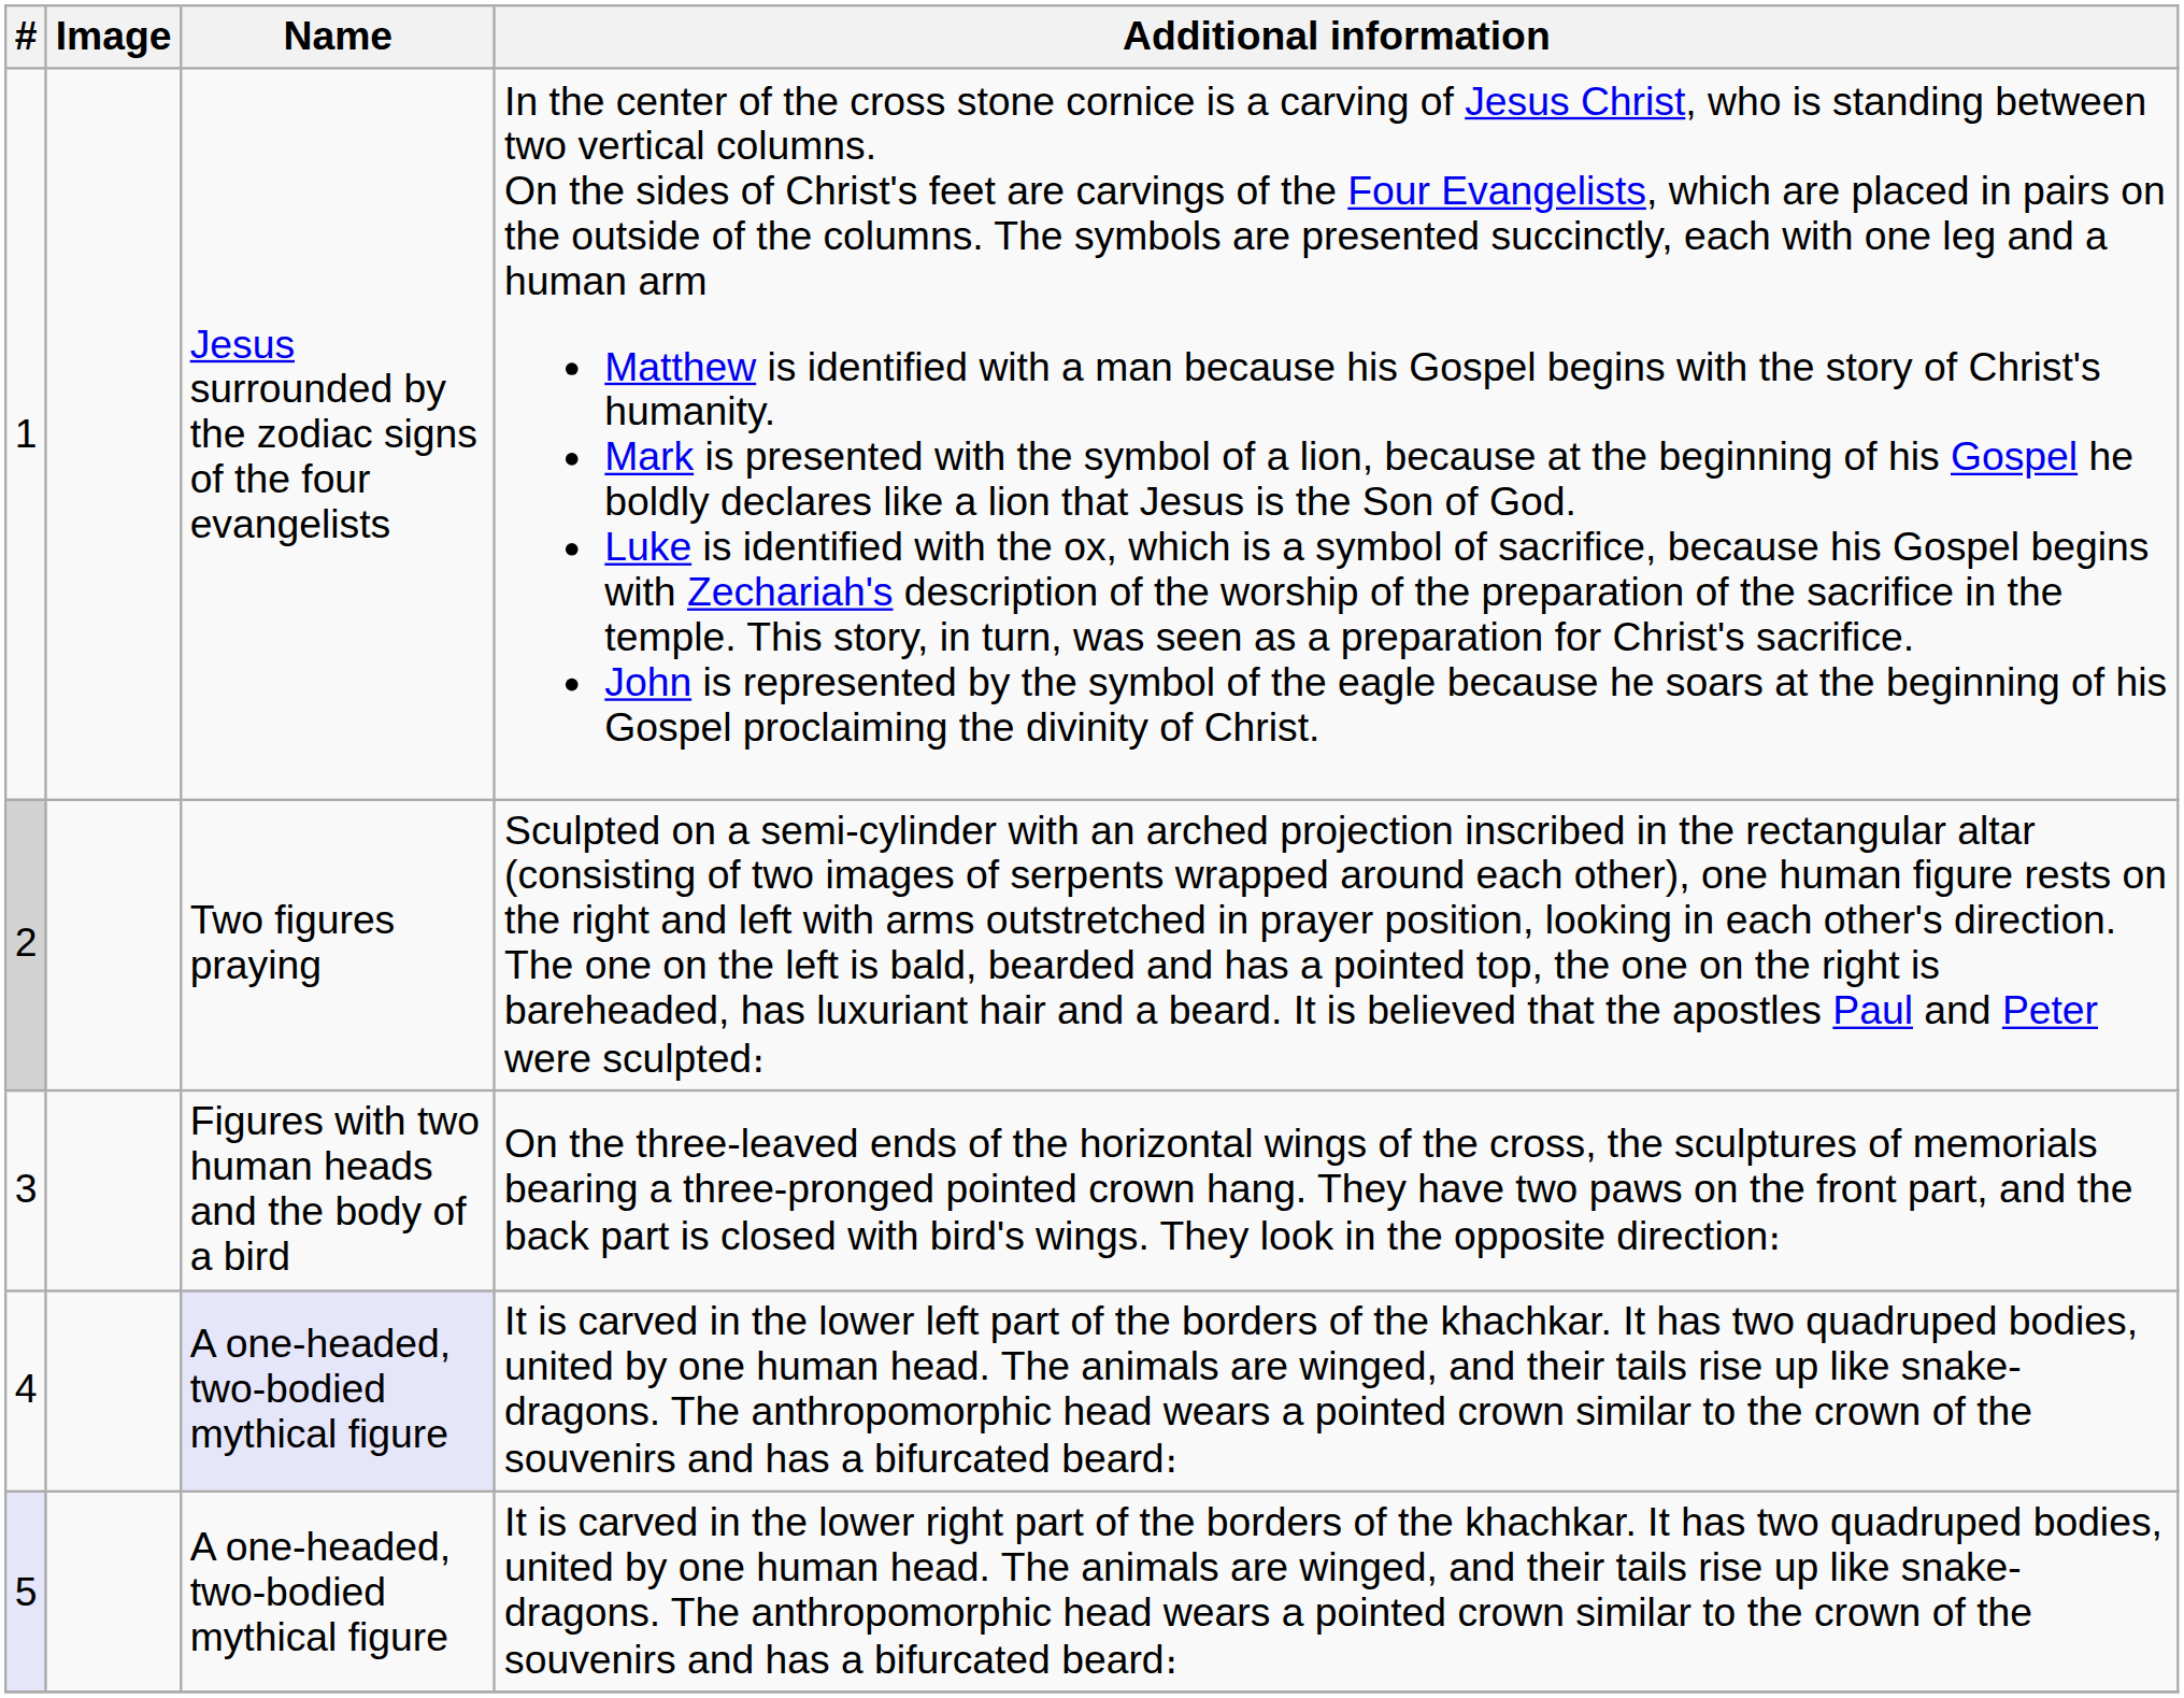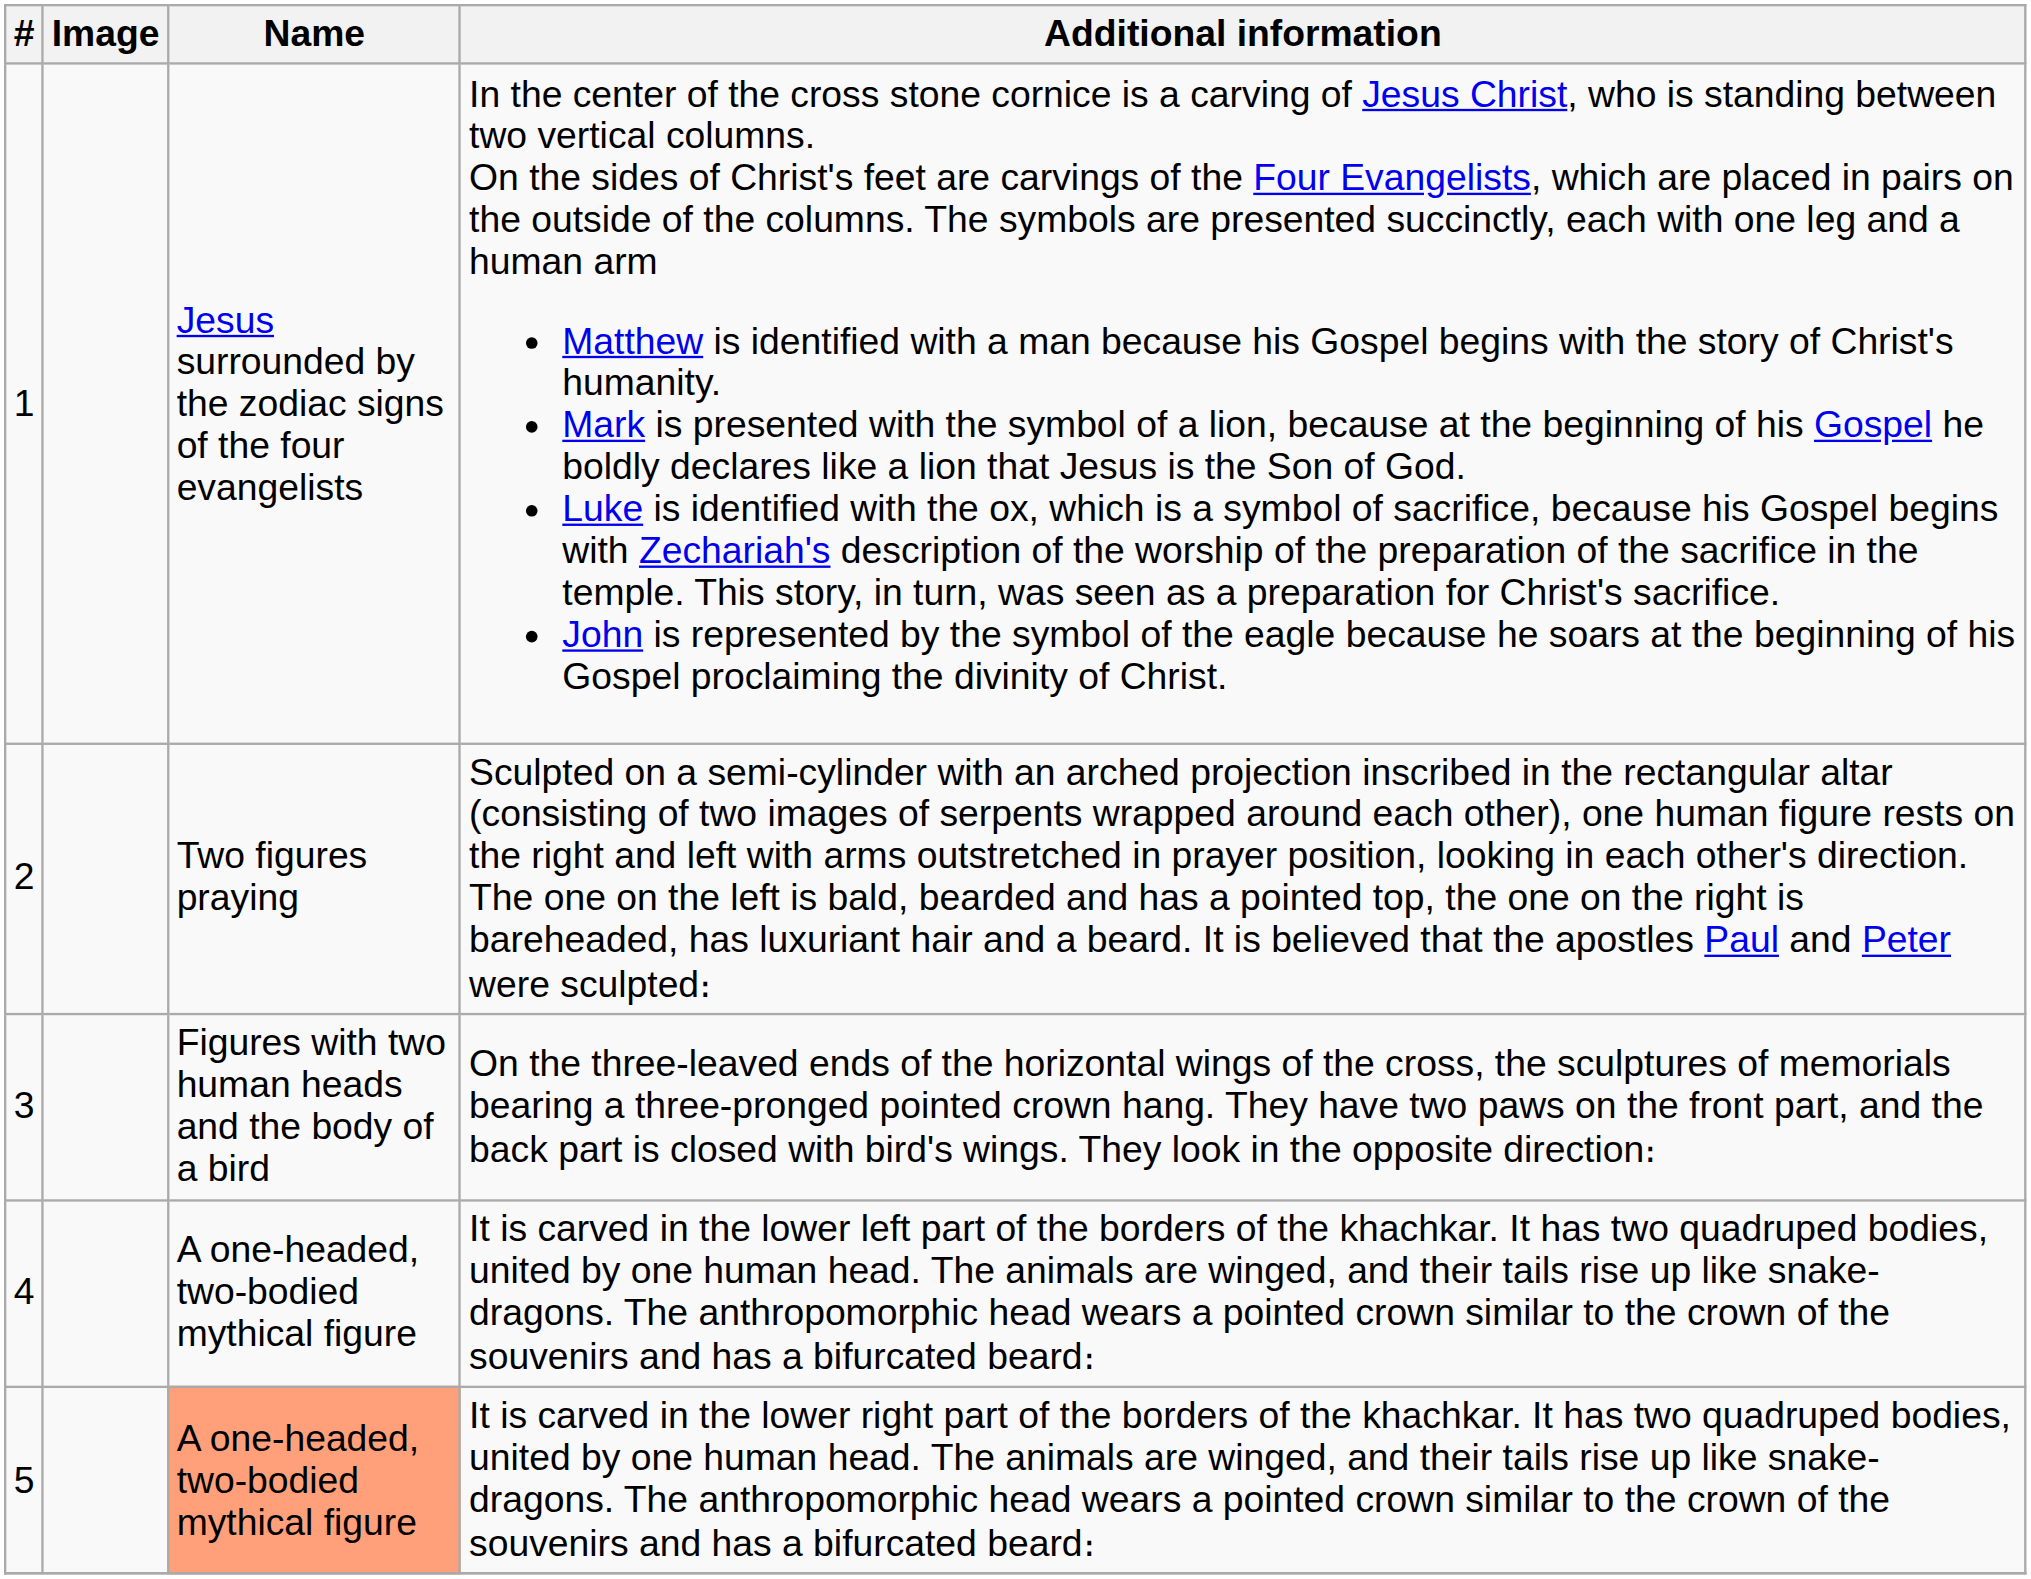 <table class="sortable wikitable">
 <tr valign=bottom>
 <th>#</th>
 <th width=100px>Image</th>
 <th width=15%>Name</th>
 <th width=85%>Additional information</th>
 </tr>
 <tr>
 <td>1</td>
 <td></td>
 <td><a href='#'>Jesus</a> surrounded by the zodiac signs of the four evangelists</td>
 <td>In the center of the cross stone cornice is a carving of <a href='#'>Jesus Christ</a>, who is standing between two vertical columns.<br>On the sides of Christ's feet are carvings of the <a href='#'>Four Evangelists</a>, which are placed in pairs on the outside of the columns. The symbols are presented succinctly, each with one leg and a human arm<ul><li><a href='#'>Matthew</a> is identified with a man because his Gospel begins with the story of Christ's humanity.</li><li><a href='#'>Mark</a> is presented with the symbol of a lion, because at the beginning of his <a href='#'>Gospel</a> he boldly declares like a lion that Jesus is the Son of God.</li><li><a href='#'>Luke</a> is identified with the ox, which is a symbol of sacrifice, because his Gospel begins with <a href='#'>Zechariah's</a> description of the worship of the preparation of the sacrifice in the temple. This story, in turn, was seen as a preparation for Christ's sacrifice.</li><li><a href='#'>John</a> is represented by the symbol of the eagle because he soars at the beginning of his Gospel proclaiming the divinity of Christ.</li></ul></td>
 </tr>
 <tr>
-<td style="background: lightgrey;">2</td>
+<td>2</td>
 <td></td>
 <td>Two figures praying</td>
 <td>Sculpted on a semi-cylinder with an arched projection inscribed in the rectangular altar (consisting of two images of serpents wrapped around each other), one human figure rests on the right and left with arms outstretched in prayer position, looking in each other's direction. The one on the left is bald, bearded and has a pointed top, the one on the right is bareheaded, has luxuriant hair and a beard. It is believed that the apostles <a href='#'>Paul</a> and <a href='#'>Peter</a> were sculpted։</td>
 </tr>
 <tr>
 <td>3</td>
 <td></td>
 <td>Figures with two human heads and the body of a bird</td>
 <td>On the three-leaved ends of the horizontal wings of the cross, the sculptures of memorials bearing a three-pronged pointed crown hang. They have two paws on the front part, and the back part is closed with bird's wings. They look in the opposite direction։</td>
 </tr>
 <tr>
 <td>4</td>
 <td></td>
-<td style="background: lavender;">A one-headed, two-bodied mythical figure</td>
+<td>A one-headed, two-bodied mythical figure</td>
 <td>It is carved in the lower left part of the borders of the khachkar. It has two quadruped bodies, united by one human head. The animals are winged, and their tails rise up like snake-dragons. The anthropomorphic head wears a pointed crown similar to the crown of the souvenirs and has a bifurcated beard։</td>
 </tr>
 <tr>
-<td style="background: lavender;">5</td>
+<td>5</td>
 <td></td>
-<td>A one-headed, two-bodied mythical figure</td>
+<td style="background: lightsalmon;">A one-headed, two-bodied mythical figure</td>
 <td>It is carved in the lower right part of the borders of the khachkar. It has two quadruped bodies, united by one human head. The animals are winged, and their tails rise up like snake-dragons. The anthropomorphic head wears a pointed crown similar to the crown of the souvenirs and has a bifurcated beard։</td>
 </tr>
 <tr>
 </tr>
 </table>
